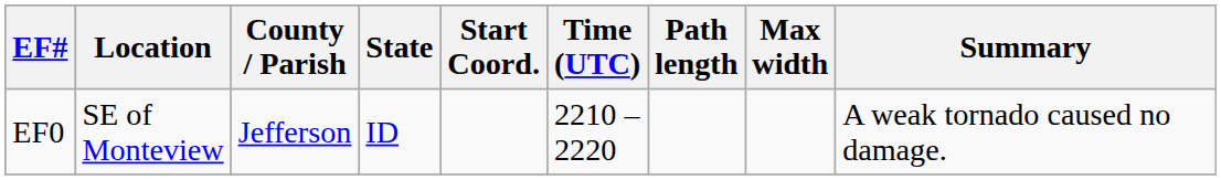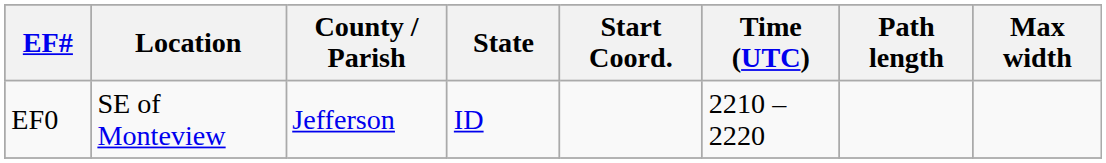 <table class="wikitable sortable" style="width:100%;">
 <tr>
 <th scope="col" width="3%" align="center"><a href='#'>EF#</a></th>
 <th scope="col" width="7%" align="center" class="unsortable">Location</th>
 <th scope="col" width="6%" align="center" class="unsortable">County / Parish</th>
 <th scope="col" width="5%" align="center">State</th>
 <th scope="col" width="6%" align="center">Start Coord.</th>
 <th scope="col" width="6%" align="center">Time (<a href='#'>UTC</a>)</th>
 <th scope="col" width="6%" align="center">Path length</th>
 <th scope="col" width="6%" align="center">Max width</th>
-<th scope="col" width="48%" class="unsortable" align="center">Summary</th>
 </tr>
 <tr>
 <td>EF0</td>
 <td>SE of <a href='#'>Monteview</a></td>
 <td><a href='#'>Jefferson</a></td>
 <td><a href='#'>ID</a></td>
 <td></td>
 <td>2210 – 2220</td>
 <td></td>
 <td></td>
-<td>A weak tornado caused no damage.</td>
 </tr>
 </table>
